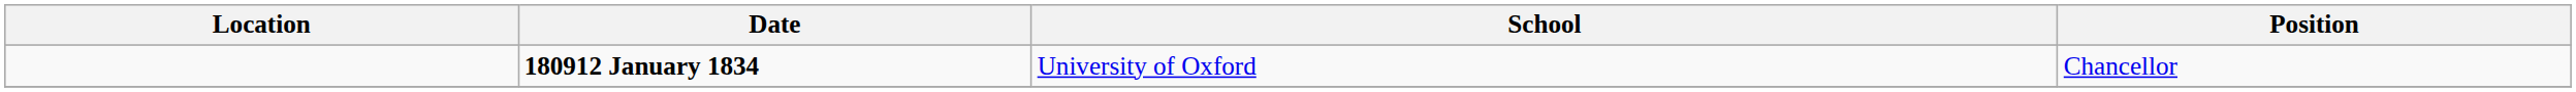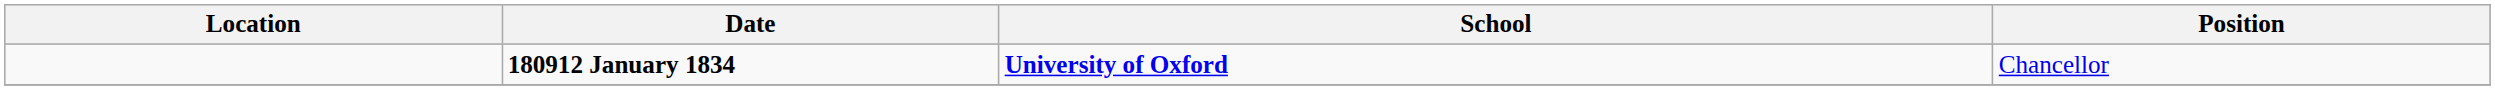 <table class="wikitable" style="width:100%;">
 <tr>
 <th style="width:20%;">Location</th>
 <th style="width:20%;">Date</th>
 <th style="width:40%;">School</th>
 <th style="width:20%;">Position</th>
 </tr>
 <tr>
 <td></td>
 <td><strong>180912 January 1834</strong></td>
-<td><a href='#'>University of Oxford</a></td>
+<td><strong><a href='#'>University of Oxford</a></strong></td>
 <td><a href='#'>Chancellor</a></td>
 </tr>
 <tr>
 </tr>
 </table>
